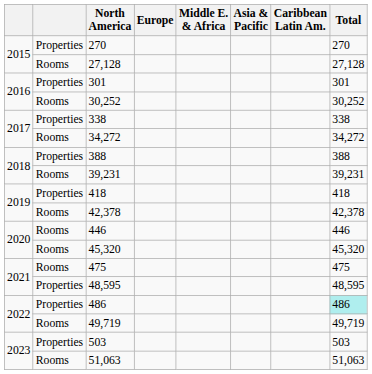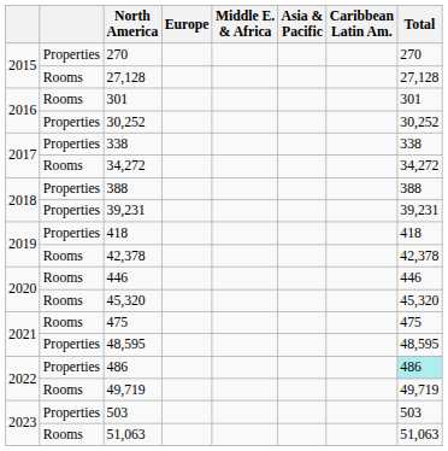 <table class="wikitable">
 <tr>
 <th class="unsortable"></th>
 <th></th>
 <th>North<br>America</th>
 <th>Europe</th>
 <th>Middle E.<br>& Africa</th>
 <th>Asia &<br>Pacific</th>
 <th>Caribbean<br>Latin Am.</th>
 <th>Total</th>
 </tr>
 <tr>
 <td rowspan=2>2015</td>
 <td>Properties</td>
 <td>270</td>
 <td></td>
 <td></td>
 <td></td>
 <td></td>
 <td>270</td>
 </tr>
 <tr>
 <td>Rooms</td>
 <td>27,128</td>
 <td></td>
 <td></td>
 <td></td>
 <td></td>
 <td>27,128</td>
 </tr>
 <tr>
 <td rowspan=2>2016</td>
-<td>Properties</td>
+<td>Rooms</td>
 <td>301</td>
 <td></td>
 <td></td>
 <td></td>
 <td></td>
 <td>301</td>
 </tr>
 <tr>
-<td>Rooms</td>
+<td>Properties</td>
 <td>30,252</td>
 <td></td>
 <td></td>
 <td></td>
 <td></td>
 <td>30,252</td>
 </tr>
 <tr>
 <td rowspan=2>2017</td>
 <td>Properties</td>
 <td>338</td>
 <td></td>
 <td></td>
 <td></td>
 <td></td>
 <td>338</td>
 </tr>
 <tr>
 <td>Rooms</td>
 <td>34,272</td>
 <td></td>
 <td></td>
 <td></td>
 <td></td>
 <td>34,272</td>
 </tr>
 <tr>
 <td rowspan=2>2018</td>
 <td>Properties</td>
 <td>388</td>
 <td></td>
 <td></td>
 <td></td>
 <td></td>
 <td>388</td>
 </tr>
 <tr>
-<td>Rooms</td>
+<td>Properties</td>
 <td>39,231</td>
 <td></td>
 <td></td>
 <td></td>
 <td></td>
 <td>39,231</td>
 </tr>
 <tr>
 <td rowspan=2>2019</td>
 <td>Properties</td>
 <td>418</td>
 <td></td>
 <td></td>
 <td></td>
 <td></td>
 <td>418</td>
 </tr>
 <tr>
 <td>Rooms</td>
 <td>42,378</td>
 <td></td>
 <td></td>
 <td></td>
 <td></td>
 <td>42,378</td>
 </tr>
 <tr>
 <td rowspan=2>2020</td>
 <td>Rooms</td>
 <td>446</td>
 <td></td>
 <td></td>
 <td></td>
 <td></td>
 <td>446</td>
 </tr>
 <tr>
 <td>Rooms</td>
 <td>45,320</td>
 <td></td>
 <td></td>
 <td></td>
 <td></td>
 <td>45,320</td>
 </tr>
 <tr>
 <td rowspan=2>2021</td>
 <td>Rooms</td>
 <td>475</td>
 <td></td>
 <td></td>
 <td></td>
 <td></td>
 <td>475</td>
 </tr>
 <tr>
 <td>Properties</td>
 <td>48,595</td>
 <td></td>
 <td></td>
 <td></td>
 <td></td>
 <td>48,595</td>
 </tr>
 <tr>
 <td rowspan=2>2022</td>
 <td>Properties</td>
 <td>486</td>
 <td></td>
 <td></td>
 <td></td>
 <td></td>
 <td style="background: paleturquoise;">486</td>
 </tr>
 <tr>
 <td>Rooms</td>
 <td>49,719</td>
 <td></td>
 <td></td>
 <td></td>
 <td></td>
 <td>49,719</td>
 </tr>
 <tr>
 <td rowspan=2>2023</td>
 <td>Properties</td>
 <td>503</td>
 <td></td>
 <td></td>
 <td></td>
 <td></td>
 <td>503</td>
 </tr>
 <tr>
 <td>Rooms</td>
 <td>51,063</td>
 <td></td>
 <td></td>
 <td></td>
 <td></td>
 <td>51,063</td>
 </tr>
 </table>
